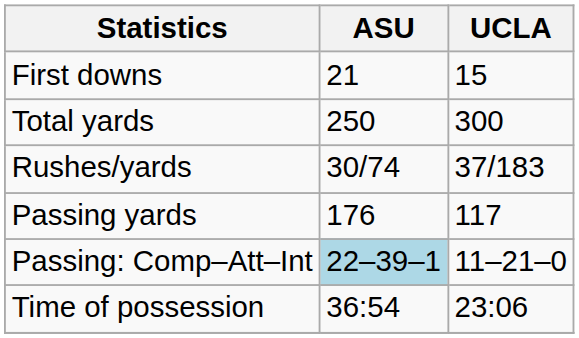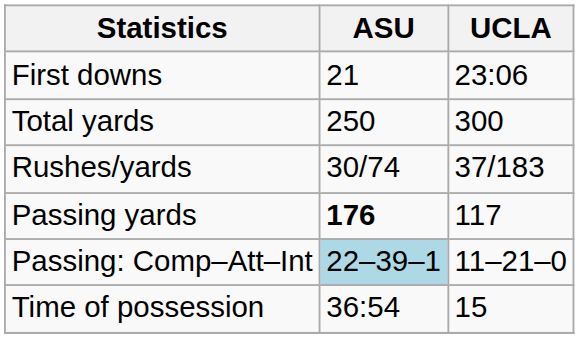 <table class="wikitable" style="float: left;">
 <tr>
 <th>Statistics</th>
 <th>ASU</th>
 <th>UCLA</th>
 </tr>
 <tr>
 <td>First downs</td>
 <td>21</td>
-<td>15</td>
+<td>23:06</td>
 </tr>
 <tr>
 <td>Total yards</td>
 <td>250</td>
 <td>300</td>
 </tr>
 <tr>
 <td>Rushes/yards</td>
 <td>30/74</td>
 <td>37/183</td>
 </tr>
 <tr>
 <td>Passing yards</td>
-<td>176</td>
+<td><strong>176</strong></td>
 <td>117</td>
 </tr>
 <tr>
 <td>Passing: Comp–Att–Int</td>
 <td style="background: lightblue;">22–39–1</td>
 <td>11–21–0</td>
 </tr>
 <tr>
 <td>Time of possession</td>
 <td>36:54</td>
-<td>23:06</td>
+<td>15</td>
 </tr>
 <tr>
 </tr>
 </table>
